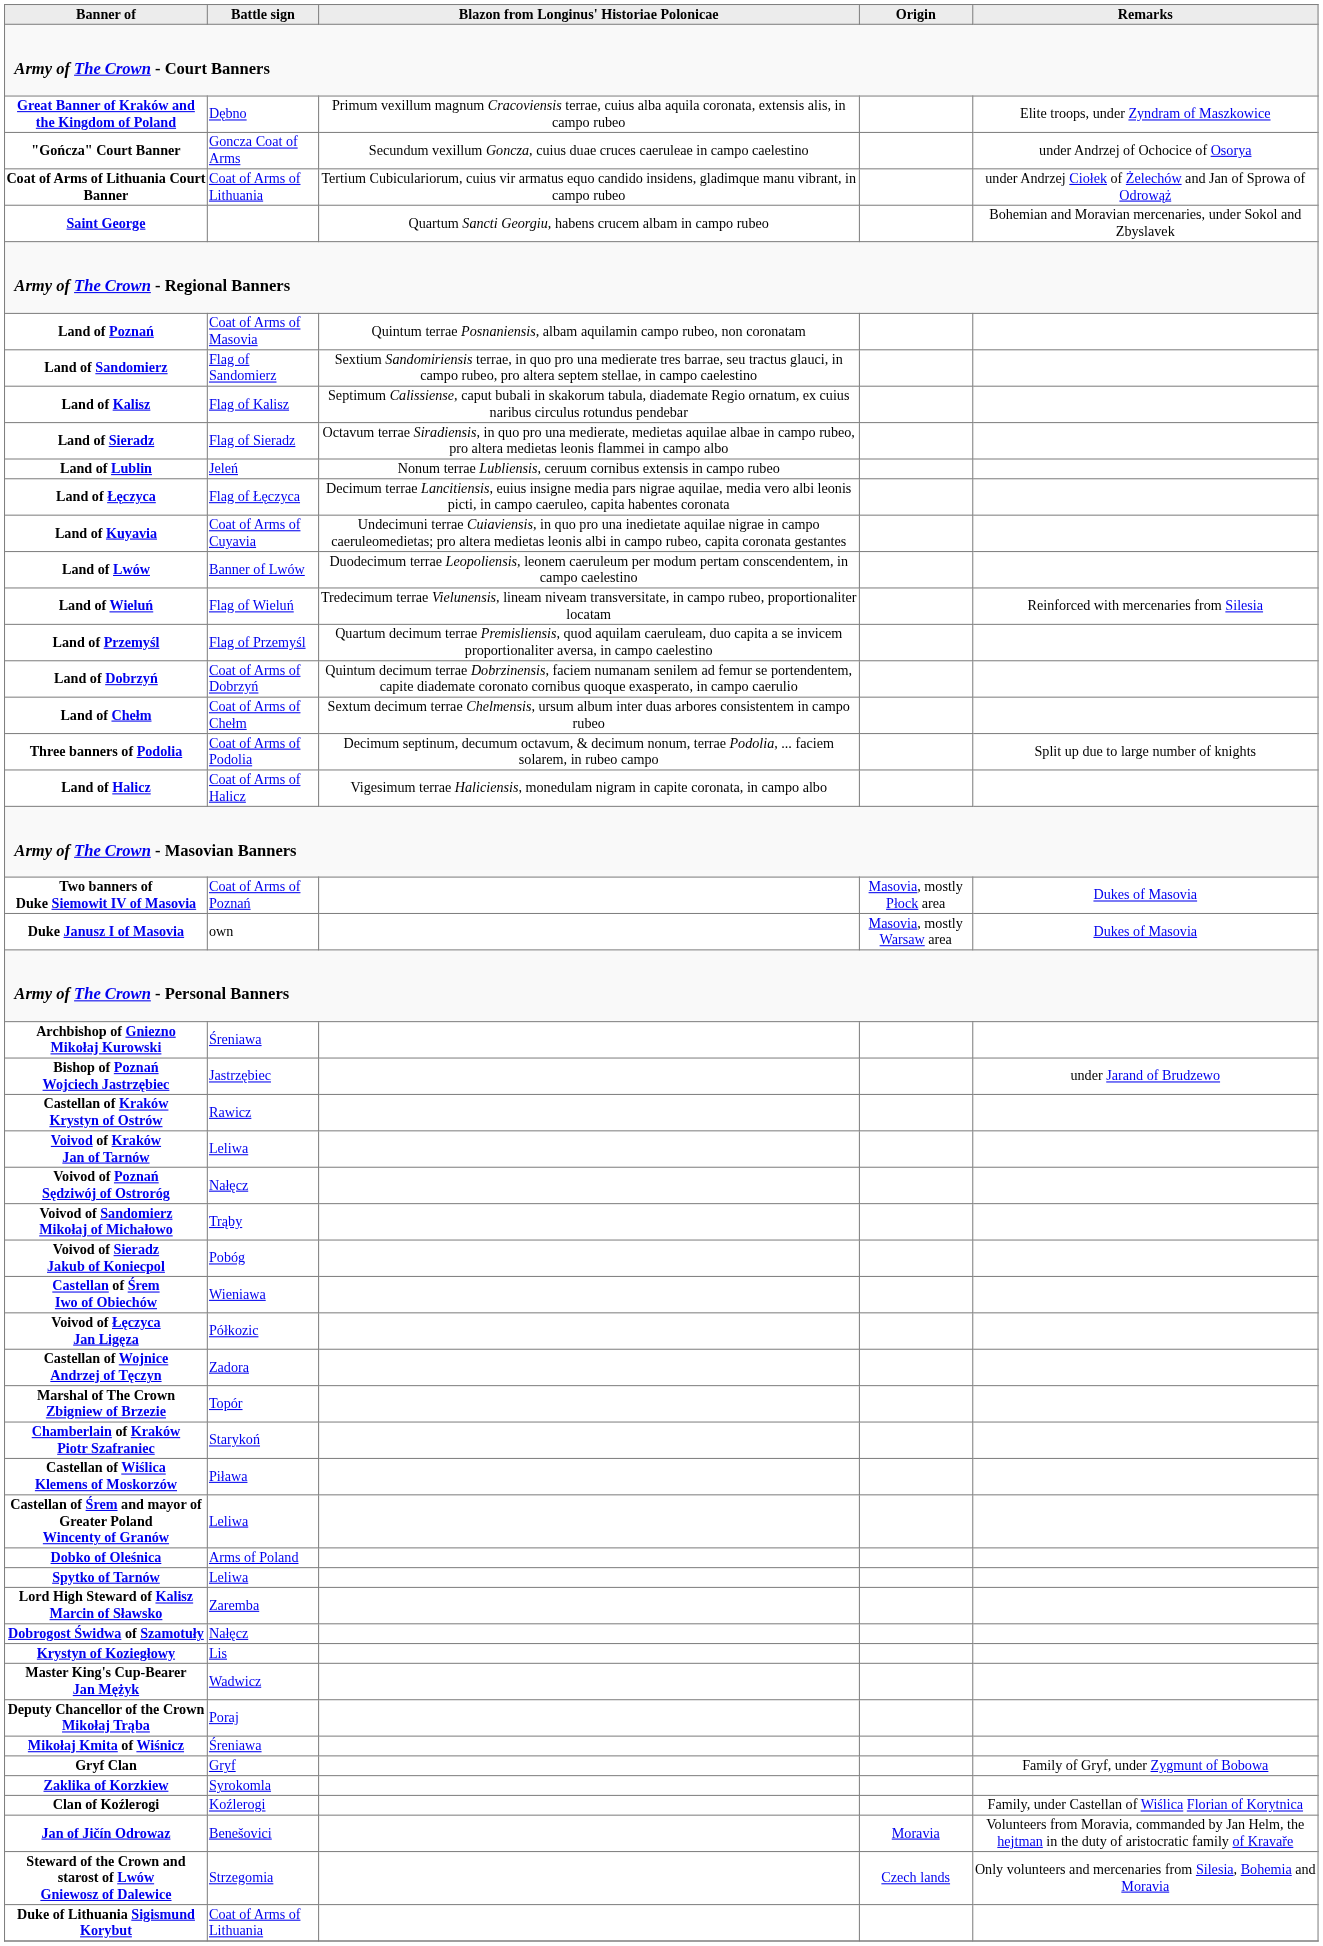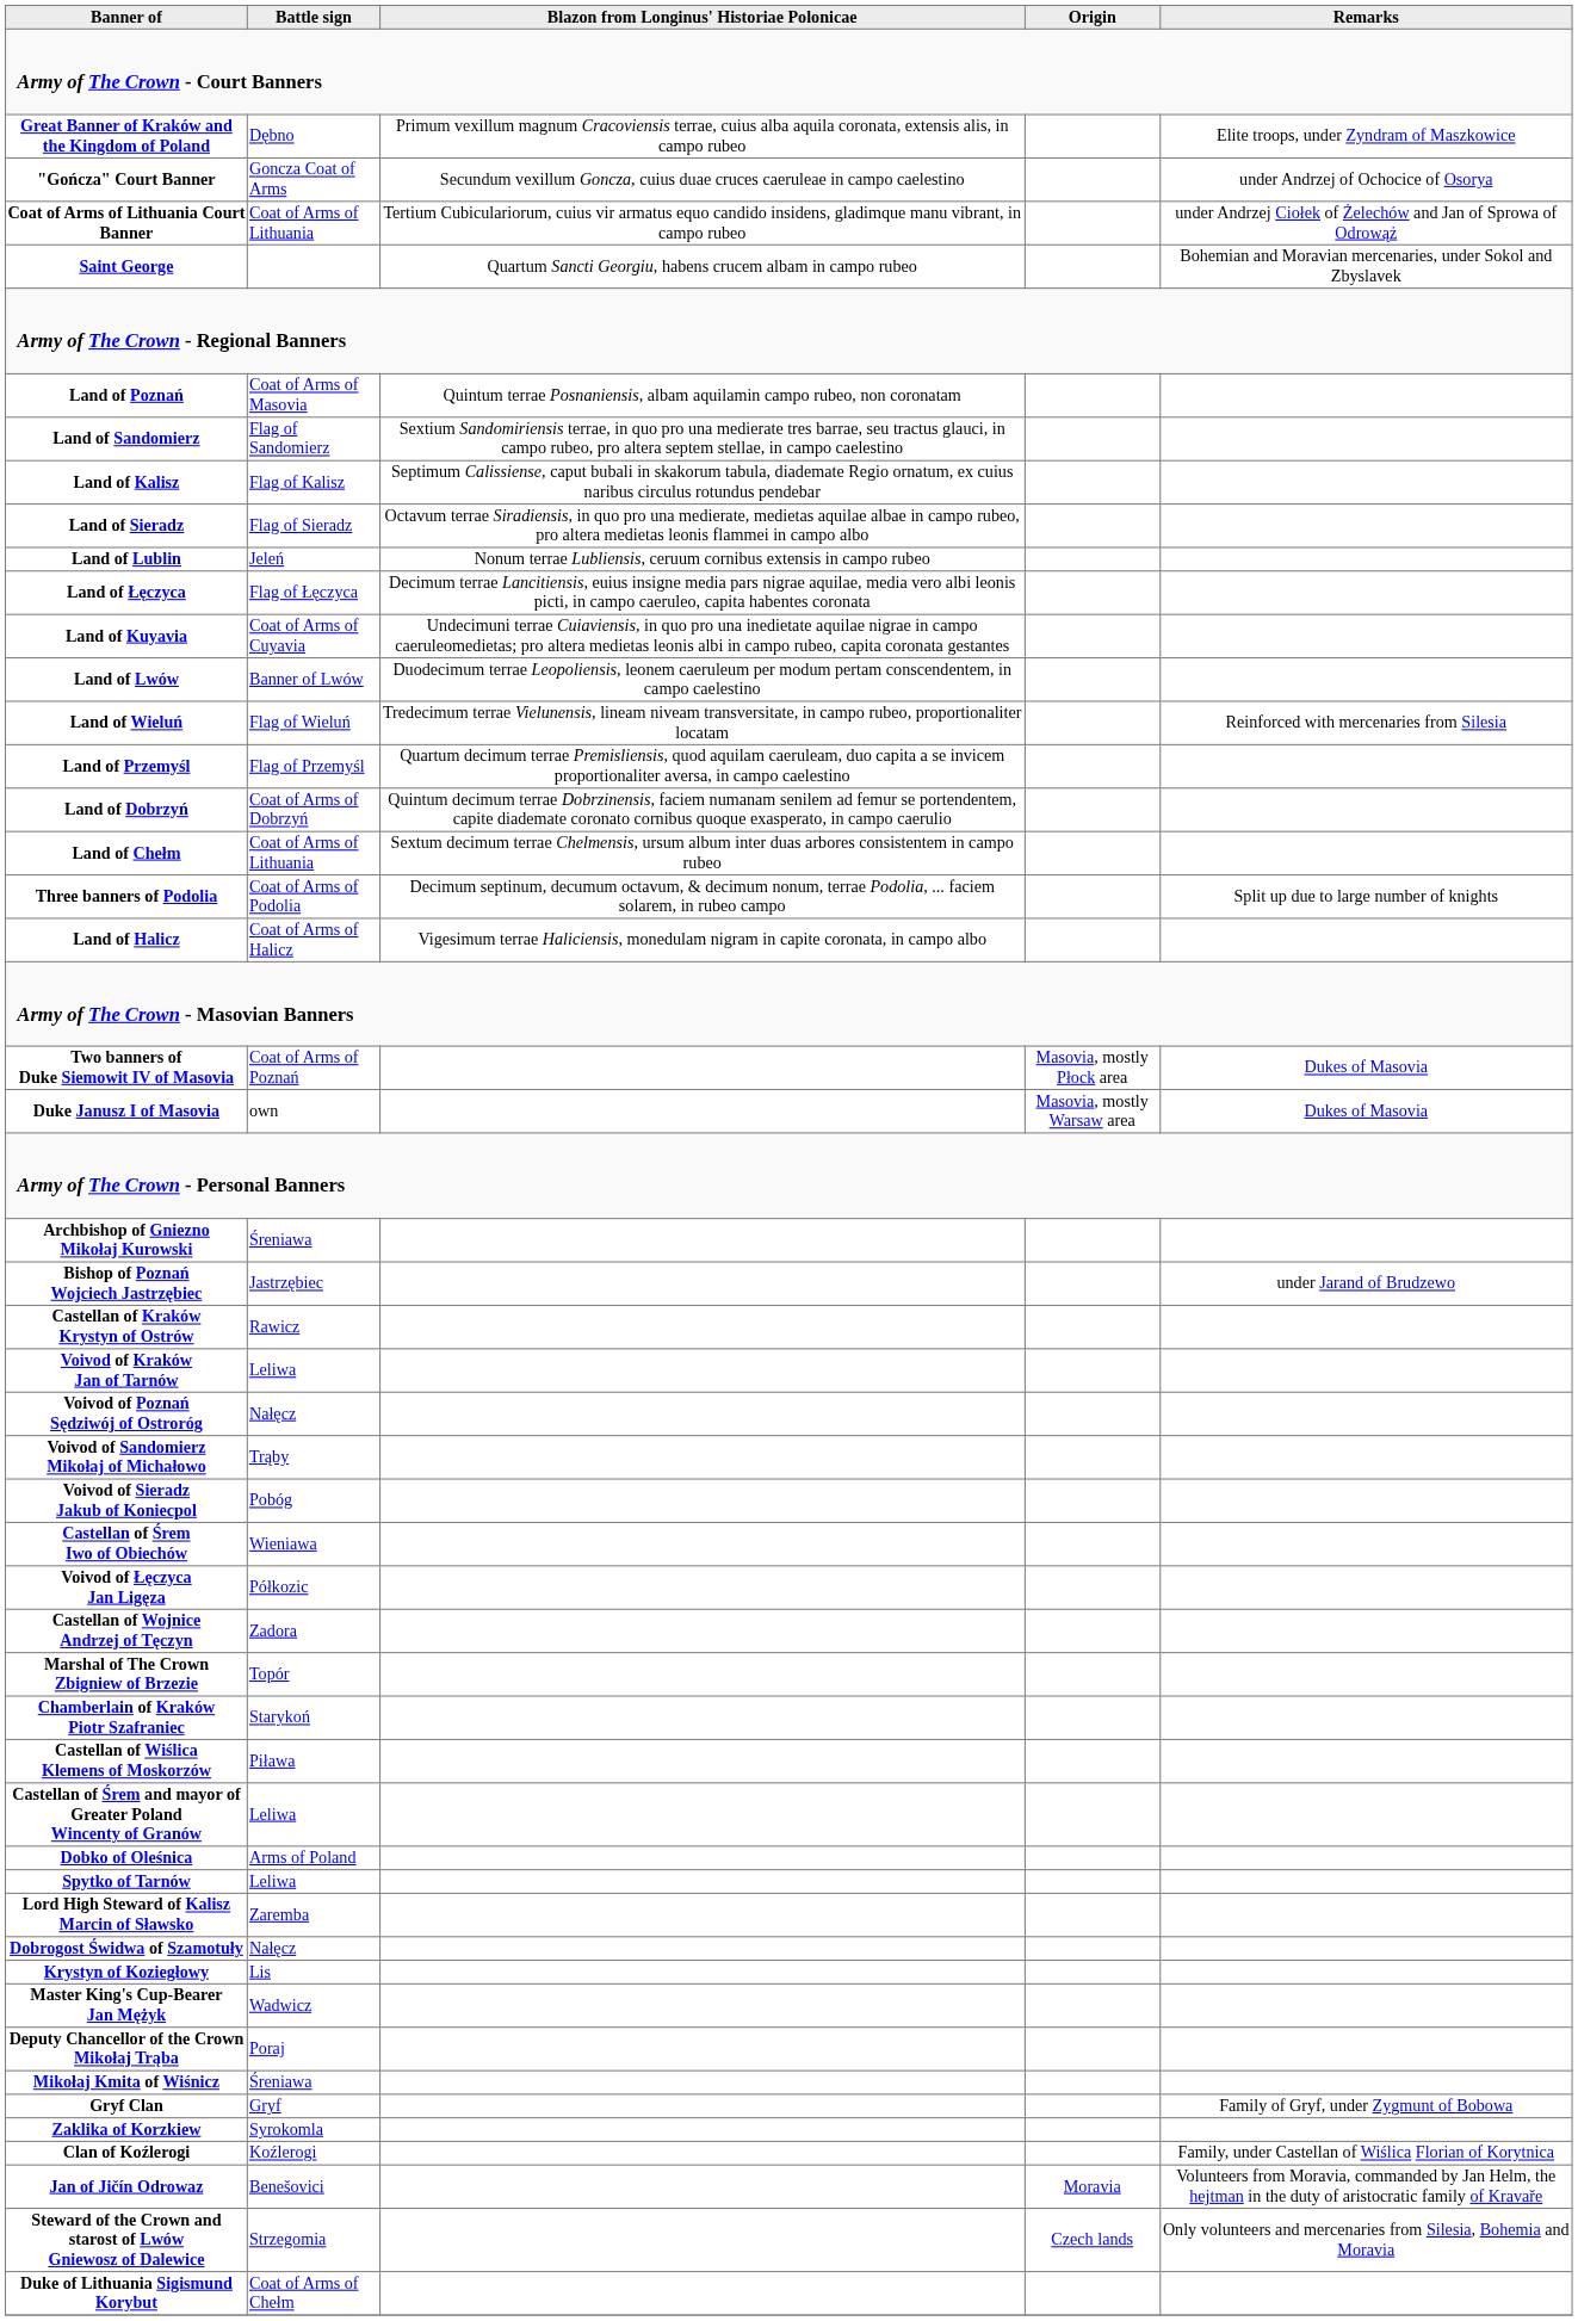 <table border="1" cellpadding="1" cellspacing="0" style="font-size: 85%; border: gray solid 1px; border-collapse: collapse; text-align: center;">
 <tr style="background: #ececec;">
 <th>Banner of</th>
 <th>Battle sign</th>
 <th>Blazon from Longinus' Historiae Polonicae</th>
 <th>Origin</th>
 <th>Remarks</th>
 </tr>
 <tr>
 <th colspan="15" style="background: #f9f9f9; text-align: left;"><br><h3>  <em>Army of <a href='#'>The Crown</a></em> - Court Banners</h3></th>
 </tr>
 <tr>
 <th><a href='#'>Great Banner of Kraków and the Kingdom of Poland</a></th>
 <td align="left"> <a href='#'>Dębno</a></td>
 <td>Primum vexillum magnum <em>Cracoviensis</em> terrae, cuius alba aquila coronata, extensis alis, in campo rubeo</td>
 <td></td>
 <td>Elite troops, under <a href='#'>Zyndram of Maszkowice</a></td>
 </tr>
 <tr>
 <th>"Gończa" Court Banner</th>
 <td align="left"> <a href='#'>Goncza Coat of Arms</a></td>
 <td>Secundum vexillum <em>Goncza</em>, cuius duae cruces caeruleae in campo caelestino</td>
 <td></td>
 <td>under Andrzej of Ochocice of <a href='#'>Osorya</a></td>
 </tr>
 <tr>
 <th>Coat of Arms of Lithuania Court Banner</th>
 <td align="left"> <a href='#'>Coat of Arms of Lithuania</a></td>
 <td>Tertium Cubiculariorum, cuius vir armatus equo candido insidens, gladimque manu vibrant, in campo rubeo</td>
 <td></td>
 <td>under Andrzej <a href='#'>Ciołek</a> of <a href='#'>Żelechów</a> and Jan of Sprowa of <a href='#'>Odrowąż</a></td>
 </tr>
 <tr>
 <th><a href='#'>Saint George</a></th>
 <td align="left"></td>
 <td>Quartum <em>Sancti Georgiu</em>, habens crucem albam in campo rubeo</td>
 <td></td>
 <td>Bohemian and Moravian mercenaries, under Sokol and Zbyslavek</td>
 </tr>
 <tr>
 <th colspan="15" style="background: #f9f9f9; text-align: left;"><br><h3>  <em>Army of <a href='#'>The Crown</a></em> - Regional Banners</h3></th>
 </tr>
 <tr>
 <th>Land of <a href='#'>Poznań</a></th>
 <td align="left"> <a href='#'>Coat of Arms of Masovia</a></td>
 <td>Quintum terrae <em>Posnaniensis</em>, albam aquilamin campo rubeo, non coronatam</td>
 <td></td>
 <td></td>
 </tr>
 <tr>
 <th>Land of <a href='#'>Sandomierz</a></th>
 <td align="left"> <a href='#'>Flag of Sandomierz</a></td>
 <td>Sextium <em>Sandomiriensis</em> terrae, in quo pro una medierate tres barrae, seu tractus glauci, in campo rubeo, pro altera septem stellae, in campo caelestino</td>
 <td></td>
 <td></td>
 </tr>
 <tr>
 <th>Land of <a href='#'>Kalisz</a></th>
 <td align="left"> <a href='#'>Flag of Kalisz</a></td>
 <td>Septimum <em>Calissiense</em>, caput bubali in skakorum tabula, diademate Regio ornatum, ex cuius naribus circulus rotundus pendebar</td>
 <td></td>
 <td></td>
 </tr>
 <tr>
 <th>Land of <a href='#'>Sieradz</a></th>
 <td align="left"><a href='#'>Flag of Sieradz</a></td>
 <td>Octavum terrae <em>Siradiensis</em>, in quo pro una medierate, medietas aquilae albae in campo rubeo, pro altera medietas leonis flammei in campo albo</td>
 <td></td>
 <td></td>
 </tr>
 <tr>
 <th>Land of <a href='#'>Lublin</a></th>
 <td align="left"> <a href='#'>Jeleń</a></td>
 <td>Nonum terrae <em>Lubliensis</em>, ceruum cornibus extensis in campo rubeo</td>
 <td></td>
 <td></td>
 </tr>
 <tr>
 <th>Land of <a href='#'>Łęczyca</a></th>
 <td align="left"><a href='#'>Flag of Łęczyca</a></td>
 <td>Decimum terrae <em>Lancitiensis</em>, euius insigne media pars nigrae aquilae, media vero albi leonis picti, in campo caeruleo, capita habentes coronata</td>
 <td></td>
 <td></td>
 </tr>
 <tr>
 <th>Land of <a href='#'>Kuyavia</a></th>
 <td align="left"><a href='#'>Coat of Arms of Cuyavia</a></td>
 <td>Undecimuni terrae <em>Cuiaviensis</em>, in quo pro una inedietate aquilae nigrae in campo caeruleomedietas; pro altera medietas leonis albi in campo rubeo, capita coronata gestantes</td>
 <td></td>
 <td></td>
 </tr>
 <tr>
 <th>Land of <a href='#'>Lwów</a></th>
 <td align="left"> <a href='#'>Banner of Lwów</a></td>
 <td>Duodecimum terrae <em>Leopoliensis</em>, leonem caeruleum per modum pertam conscendentem, in campo caelestino</td>
 <td></td>
 <td></td>
 </tr>
 <tr>
 <th>Land of <a href='#'>Wieluń</a></th>
 <td align="left"> <a href='#'>Flag of Wieluń</a></td>
 <td>Tredecimum terrae <em>Vielunensis</em>, lineam niveam transversitate, in campo rubeo, proportionaliter locatam</td>
 <td></td>
 <td>Reinforced with mercenaries from <a href='#'>Silesia</a></td>
 </tr>
 <tr>
 <th>Land of <a href='#'>Przemyśl</a></th>
 <td align="left"> <a href='#'>Flag of Przemyśl</a></td>
 <td>Quartum decimum terrae <em>Premisliensis</em>, quod aquilam caeruleam, duo capita a se invicem proportionaliter aversa, in campo caelestino</td>
 <td></td>
 <td></td>
 </tr>
 <tr>
 <th>Land of <a href='#'>Dobrzyń</a></th>
 <td align="left"><a href='#'>Coat of Arms of Dobrzyń</a></td>
 <td>Quintum decimum terrae <em>Dobrzinensis</em>, faciem numanam senilem ad femur se portendentem, capite diademate coronato cornibus quoque exasperato, in campo caerulio</td>
 <td></td>
 <td></td>
 </tr>
 <tr>
 <th>Land of <a href='#'>Chełm</a></th>
-<td align="left"> <a href='#'>Coat of Arms of Chełm</a></td>
+<td align="left"> <a href='#'>Coat of Arms of Lithuania</a></td>
 <td>Sextum decimum terrae <em>Chelmensis</em>, ursum album inter duas arbores consistentem in campo rubeo</td>
 <td></td>
 <td></td>
 </tr>
 <tr>
 <th>Three banners of <a href='#'>Podolia</a></th>
 <td align="left"> <a href='#'>Coat of Arms of Podolia</a></td>
 <td>Decimum septinum, decumum octavum, & decimum nonum, terrae <em>Podolia</em>, ... faciem solarem, in rubeo campo</td>
 <td></td>
 <td>Split up due to large number of knights</td>
 </tr>
 <tr>
 <th>Land of <a href='#'>Halicz</a></th>
 <td align="left"> <a href='#'>Coat of Arms of Halicz</a></td>
 <td>Vigesimum terrae <em>Haliciensis</em>, monedulam nigram in capite coronata, in campo albo</td>
 <td></td>
 <td></td>
 </tr>
 <tr>
 <th colspan="15" style="background: #f9f9f9; text-align: left;"><br><h3>  <em>Army of <a href='#'>The Crown</a></em> - Masovian Banners</h3></th>
 </tr>
 <tr>
 <th>Two banners of <br>Duke <a href='#'>Siemowit IV of Masovia</a></th>
 <td align="left"> <a href='#'>Coat of Arms of Poznań</a></td>
 <td></td>
 <td><a href='#'>Masovia</a>, mostly <a href='#'>Płock</a> area</td>
 <td><a href='#'>Dukes of Masovia</a></td>
 </tr>
 <tr>
 <th>Duke <a href='#'>Janusz I of Masovia</a></th>
 <td align="left"> own</td>
 <td></td>
 <td><a href='#'>Masovia</a>, mostly <a href='#'>Warsaw</a> area</td>
 <td><a href='#'>Dukes of Masovia</a></td>
 </tr>
 <tr>
 <th colspan="15" style="background: #f9f9f9; text-align: left;"><br><h3>  <em>Army of <a href='#'>The Crown</a></em> - Personal Banners</h3></th>
 </tr>
 <tr>
 <th>Archbishop of <a href='#'>Gniezno</a> <br><a href='#'>Mikołaj Kurowski</a></th>
 <td align="left"> <a href='#'>Śreniawa</a></td>
 <td></td>
 <td></td>
 <td></td>
 </tr>
 <tr>
 <th>Bishop of <a href='#'>Poznań</a> <br><a href='#'>Wojciech Jastrzębiec</a></th>
 <td align="left"> <a href='#'>Jastrzębiec</a></td>
 <td></td>
 <td></td>
 <td>under <a href='#'>Jarand of Brudzewo</a></td>
 </tr>
 <tr>
 <th>Castellan of <a href='#'>Kraków</a> <br><a href='#'>Krystyn of Ostrów</a></th>
 <td align="left"> <a href='#'>Rawicz</a></td>
 <td></td>
 <td></td>
 <td></td>
 </tr>
 <tr>
 <th><a href='#'>Voivod</a> of <a href='#'>Kraków</a> <br><a href='#'>Jan of Tarnów</a></th>
 <td align="left"> <a href='#'>Leliwa</a></td>
 <td></td>
 <td></td>
 <td></td>
 </tr>
 <tr>
 <th>Voivod of <a href='#'>Poznań</a> <br><a href='#'>Sędziwój of Ostroróg</a></th>
 <td align="left"> <a href='#'>Nałęcz</a></td>
 <td></td>
 <td></td>
 <td></td>
 </tr>
 <tr>
 <th>Voivod of <a href='#'>Sandomierz</a> <br><a href='#'>Mikołaj of Michałowo</a></th>
 <td align="left"> <a href='#'>Trąby</a></td>
 <td></td>
 <td></td>
 <td></td>
 </tr>
 <tr>
 <th>Voivod of <a href='#'>Sieradz</a> <br><a href='#'>Jakub of Koniecpol</a></th>
 <td align="left"> <a href='#'>Pobóg</a></td>
 <td></td>
 <td></td>
 <td></td>
 </tr>
 <tr>
 <th><a href='#'>Castellan</a> of <a href='#'>Śrem</a> <br><a href='#'>Iwo of Obiechów</a></th>
 <td align="left"> <a href='#'>Wieniawa</a></td>
 <td></td>
 <td></td>
 <td></td>
 </tr>
 <tr>
 <th>Voivod of <a href='#'>Łęczyca</a> <br><a href='#'>Jan Ligęza</a></th>
 <td align="left"> <a href='#'>Półkozic</a></td>
 <td></td>
 <td></td>
 <td></td>
 </tr>
 <tr>
 <th>Castellan of <a href='#'>Wojnice</a> <br><a href='#'>Andrzej of Tęczyn</a></th>
 <td align="left"> <a href='#'>Zadora</a></td>
 <td></td>
 <td></td>
 <td></td>
 </tr>
 <tr>
 <th>Marshal of The Crown <br><a href='#'>Zbigniew of Brzezie</a></th>
 <td align="left"> <a href='#'>Topór</a></td>
 <td></td>
 <td></td>
 <td></td>
 </tr>
 <tr>
 <th><a href='#'>Chamberlain</a> of <a href='#'>Kraków</a> <br><a href='#'>Piotr Szafraniec</a></th>
 <td align="left"> <a href='#'>Starykoń</a></td>
 <td></td>
 <td></td>
 <td></td>
 </tr>
 <tr>
 <th>Castellan of <a href='#'>Wiślica</a> <br><a href='#'>Klemens of Moskorzów</a></th>
 <td align="left"> <a href='#'>Piława</a></td>
 <td></td>
 <td></td>
 <td></td>
 </tr>
 <tr>
 <th>Castellan of <a href='#'>Śrem</a> and mayor of Greater Poland <br><a href='#'>Wincenty of Granów</a></th>
 <td align="left"> <a href='#'>Leliwa</a></td>
 <td></td>
 <td></td>
 <td></td>
 </tr>
 <tr>
 <th><a href='#'>Dobko of Oleśnica</a></th>
 <td align="left"> <a href='#'>Arms of Poland</a></td>
 <td></td>
 <td></td>
 <td></td>
 </tr>
 <tr>
 <th><a href='#'>Spytko of Tarnów</a></th>
 <td align="left"> <a href='#'>Leliwa</a></td>
 <td></td>
 <td></td>
 <td></td>
 </tr>
 <tr>
 <th>Lord High Steward of <a href='#'>Kalisz</a> <br><a href='#'>Marcin of Sławsko</a></th>
 <td align="left"> <a href='#'>Zaremba</a></td>
 <td></td>
 <td></td>
 <td></td>
 </tr>
 <tr>
 <th><a href='#'>Dobrogost Świdwa</a> of <a href='#'>Szamotuły</a></th>
 <td align="left"> <a href='#'>Nałęcz</a></td>
 <td></td>
 <td></td>
 <td></td>
 </tr>
 <tr>
 <th><a href='#'>Krystyn of Koziegłowy</a></th>
 <td align="left"> <a href='#'>Lis</a></td>
 <td></td>
 <td></td>
 <td></td>
 </tr>
 <tr>
 <th>Master King's Cup-Bearer <br><a href='#'>Jan Mężyk</a></th>
 <td align="left"> <a href='#'>Wadwicz</a></td>
 <td></td>
 <td></td>
 <td></td>
 </tr>
 <tr>
 <th>Deputy Chancellor of the Crown <br><a href='#'>Mikołaj Trąba</a></th>
 <td align="left"> <a href='#'>Poraj</a></td>
 <td></td>
 <td></td>
 <td></td>
 </tr>
 <tr>
 <th><a href='#'>Mikołaj Kmita</a> of <a href='#'>Wiśnicz</a></th>
 <td align="left"> <a href='#'>Śreniawa</a></td>
 <td></td>
 <td></td>
 <td></td>
 </tr>
 <tr>
 <th>Gryf Clan</th>
 <td align="left"> <a href='#'>Gryf</a></td>
 <td></td>
 <td></td>
 <td>Family of Gryf, under <a href='#'>Zygmunt of Bobowa</a></td>
 </tr>
 <tr>
 <th><a href='#'>Zaklika of Korzkiew</a></th>
 <td align="left"> <a href='#'>Syrokomla</a></td>
 <td></td>
 <td></td>
 <td></td>
 </tr>
 <tr>
 <th>Clan of Koźlerogi</th>
 <td align="left"> <a href='#'>Koźlerogi</a></td>
 <td></td>
 <td></td>
 <td>Family, under Castellan of <a href='#'>Wiślica</a> <a href='#'>Florian of Korytnica</a></td>
 </tr>
 <tr>
 <th><a href='#'>Jan of Jičín Odrowaz</a></th>
 <td align="left"> <a href='#'>Benešovici</a></td>
 <td></td>
 <td><a href='#'>Moravia</a></td>
 <td>Volunteers from Moravia, commanded by Jan Helm, the <a href='#'>hejtman</a> in the duty of aristocratic family <a href='#'>of Kravaře</a></td>
 </tr>
 <tr>
 <th>Steward of the Crown and starost of <a href='#'>Lwów</a><br><a href='#'>Gniewosz of Dalewice</a></th>
 <td align="left"> <a href='#'>Strzegomia</a></td>
 <td></td>
 <td><a href='#'>Czech lands</a></td>
 <td>Only volunteers and mercenaries from <a href='#'>Silesia</a>, <a href='#'>Bohemia</a> and <a href='#'>Moravia</a></td>
 </tr>
 <tr>
 <th>Duke of Lithuania <a href='#'>Sigismund Korybut</a></th>
-<td align="left"> <a href='#'>Coat of Arms of Lithuania</a></td>
+<td align="left"> <a href='#'>Coat of Arms of Chełm</a></td>
 <td></td>
 <td></td>
 <td></td>
 </tr>
 <tr>
 </tr>
 </table>
